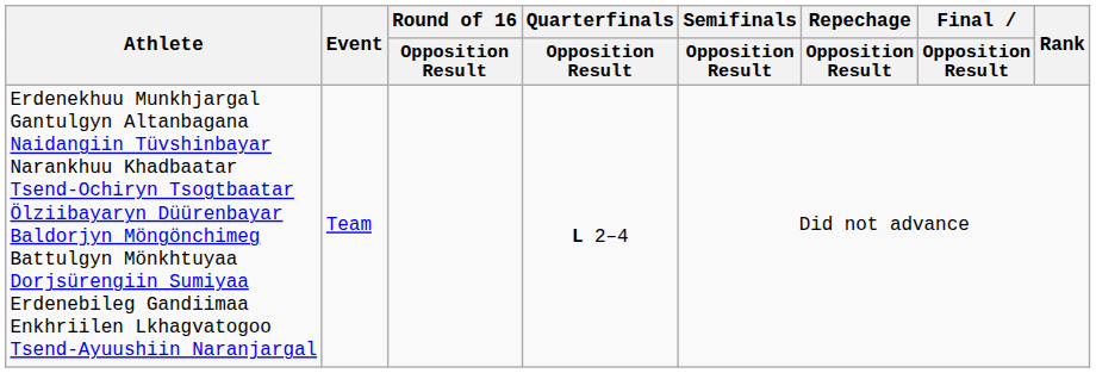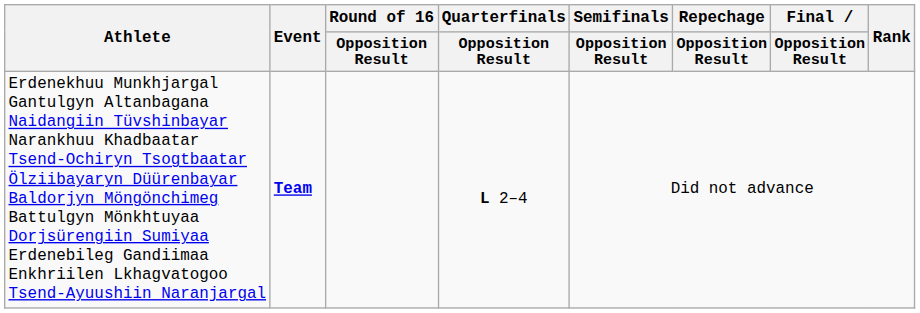 <table class=wikitable style=font-size:90%;text-align:center>
 <tr>
 <th rowspan="2">Athlete</th>
 <th rowspan="2">Event</th>
 <th>Round of 16</th>
 <th>Quarterfinals</th>
 <th>Semifinals</th>
 <th>Repechage</th>
 <th>Final / </th>
 <th rowspan=2>Rank</th>
 </tr>
 <tr style="font-size:95%">
 <th>Opposition<br>Result</th>
 <th>Opposition<br>Result</th>
 <th>Opposition<br>Result</th>
 <th>Opposition<br>Result</th>
 <th>Opposition<br>Result</th>
 </tr>
 <tr>
 <td align=left>Erdenekhuu Munkhjargal<br>Gantulgyn Altanbagana<br><a href='#'>Naidangiin Tüvshinbayar</a><br>Narankhuu Khadbaatar<br><a href='#'>Tsend-Ochiryn Tsogtbaatar</a><br><a href='#'>Ölziibayaryn Düürenbayar</a><br><a href='#'>Baldorjyn Möngönchimeg</a><br>Battulgyn Mönkhtuyaa<br><a href='#'>Dorjsürengiin Sumiyaa</a><br>Erdenebileg Gandiimaa<br>Enkhriilen Lkhagvatogoo<br><a href='#'>Tsend-Ayuushiin Naranjargal</a></td>
-<td align=left><a href='#'>Team</a></td>
+<td align=left><strong><a href='#'>Team</a></strong></td>
 <td></td>
 <td><br><strong>L</strong> 2–4</td>
 <td colspan=4>Did not advance</td>
 </tr>
 </table>
